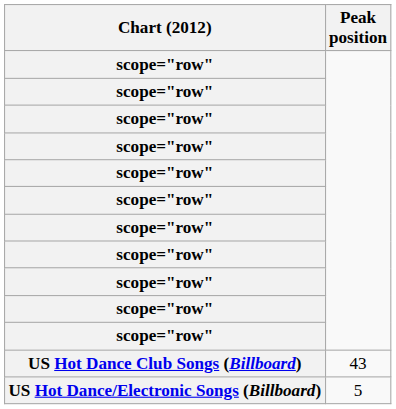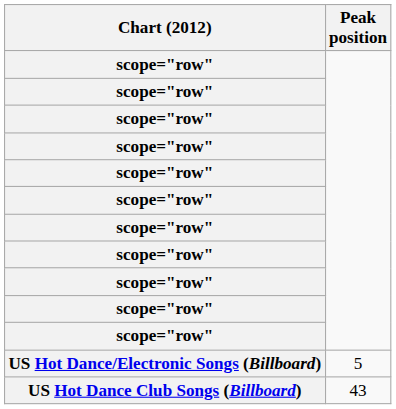 <table class="wikitable sortable plainrowheaders" style="text-align:center;">
 <tr>
 <th>Chart (2012)</th>
 <th>Peak<br>position</th>
 </tr>
 <tr>
 <th>scope="row" </th>
 </tr>
 <tr>
 <th>scope="row" </th>
 </tr>
 <tr>
 <th>scope="row" </th>
 </tr>
 <tr>
 <th>scope="row" </th>
 </tr>
 <tr>
 <th>scope="row" </th>
 </tr>
 <tr>
 <th>scope="row" </th>
 </tr>
 <tr>
 <th>scope="row" </th>
 </tr>
 <tr>
 <th>scope="row" </th>
 </tr>
 <tr>
 <th>scope="row" </th>
 </tr>
 <tr>
 <th>scope="row" </th>
 </tr>
 <tr>
 <th>scope="row" </th>
 </tr>
 <tr>
+<th scope="row">US <a href='#'>Hot Dance/Electronic Songs</a> (<em>Billboard</em>)</th>
+<td>5</td>
+</tr>
+<tr>
 <th scope="row">US <a href='#'>Hot Dance Club Songs</a> (<em><a href='#'>Billboard</a></em>)</th>
 <td>43</td>
 </tr>
-<tr>
-<th scope="row">US <a href='#'>Hot Dance/Electronic Songs</a> (<em>Billboard</em>)</th>
-<td>5</td>
-</tr>
 </table>
